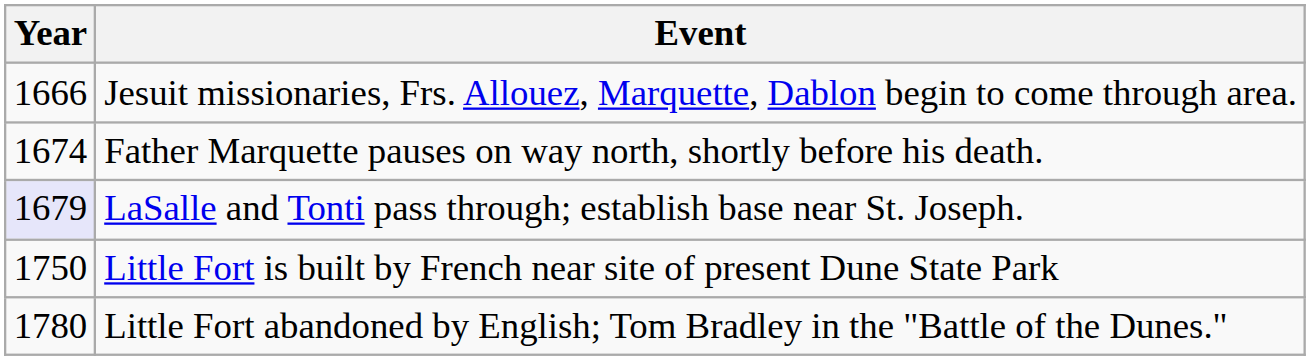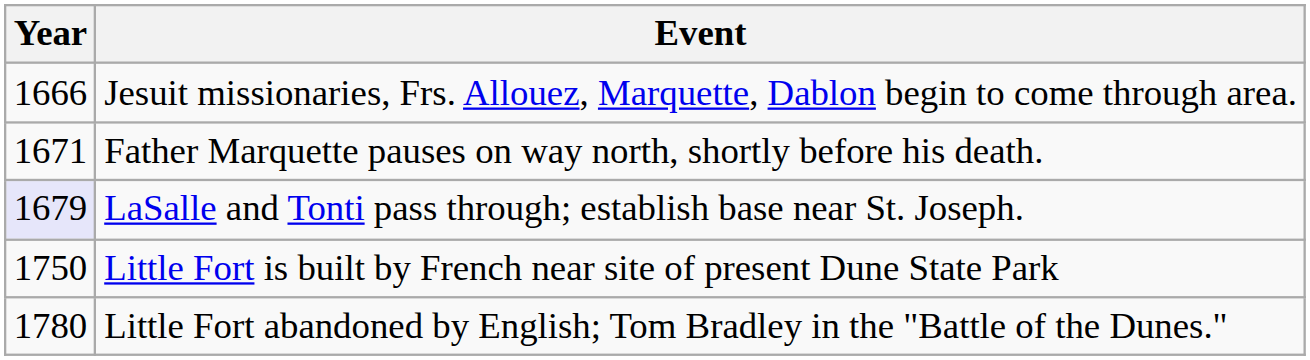 <table class="wikitable">
 <tr>
 <th>Year</th>
 <th>Event</th>
 </tr>
 <tr>
 <td>1666</td>
 <td>Jesuit missionaries, Frs. <a href='#'>Allouez</a>, <a href='#'>Marquette</a>, <a href='#'>Dablon</a> begin to come through area.</td>
 </tr>
 <tr>
-<td>1674</td>
+<td>1671</td>
 <td>Father Marquette pauses on way north, shortly before his death.</td>
 </tr>
 <tr>
 <td style="background: lavender;">1679</td>
 <td><a href='#'>LaSalle</a> and <a href='#'>Tonti</a> pass through; establish base near St. Joseph.</td>
 </tr>
 <tr>
 <td>1750</td>
 <td><a href='#'>Little Fort</a> is built by French near site of present Dune State Park</td>
 </tr>
 <tr>
 <td>1780</td>
 <td>Little Fort abandoned by English; Tom Bradley in the "Battle of the Dunes."</td>
 </tr>
 </table>
